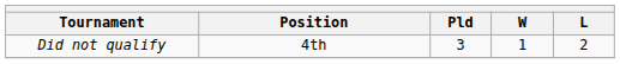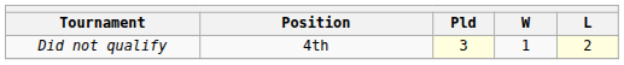 <table class="wikitable collapsible autocollapse"  style="text-align:center; font-size:95%; width:60%;">
 <tr>
 <th colspan=9></th>
 </tr>
 <tr>
 <th width=25%>Tournament</th>
 <th width=30%>Position</th>
 <th width=8%>Pld</th>
 <th width=8%>W</th>
 <th width=8%>L</th>
 </tr>
 <tr>
 <td> <em>Did not qualify</em></td>
 <td>4th</td>
-<td>3</td>
+<td style="background: lightyellow;">3</td>
 <td>1</td>
-<td>2</td>
+<td style="background: lightyellow;">2</td>
 </tr>
 <tr>
 </tr>
 </table>
